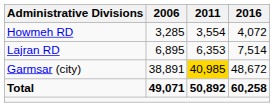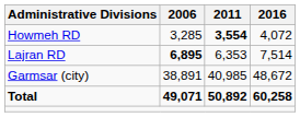 <table class="wikitable">
 <tr>
 <th>Administrative Divisions</th>
 <th>2006</th>
 <th>2011</th>
 <th>2016</th>
 </tr>
 <tr>
 <td><a href='#'>Howmeh RD</a></td>
 <td style="text-align: right;">3,285</td>
-<td style="text-align: right;">3,554</td>
+<td style="text-align: right;"><strong>3,554</strong></td>
 <td style="text-align: right;">4,072</td>
 </tr>
 <tr>
 <td><a href='#'>Lajran RD</a></td>
-<td style="text-align: right;">6,895</td>
+<td style="text-align: right;"><strong>6,895</strong></td>
 <td style="text-align: right;">6,353</td>
 <td style="text-align: right;">7,514</td>
 </tr>
 <tr>
 <td><a href='#'>Garmsar</a> (city)</td>
 <td style="text-align: right;">38,891</td>
-<td style="background: gold; text-align: right;">40,985</td>
+<td style="text-align: right;">40,985</td>
 <td style="text-align: right;">48,672</td>
 </tr>
 <tr>
 <td><strong>Total</strong></td>
 <td style="text-align: right;"><strong>49,071</strong></td>
 <td style="text-align: right;"><strong>50,892</strong></td>
 <td style="text-align: right;"><strong>60,258</strong></td>
 </tr>
 <tr>
 <td colspan=4></td>
 </tr>
 </table>
